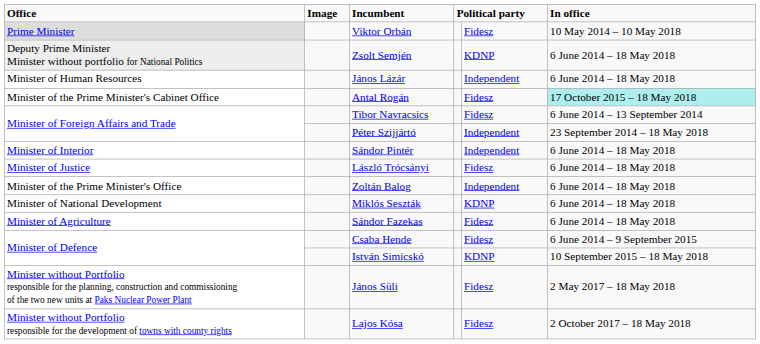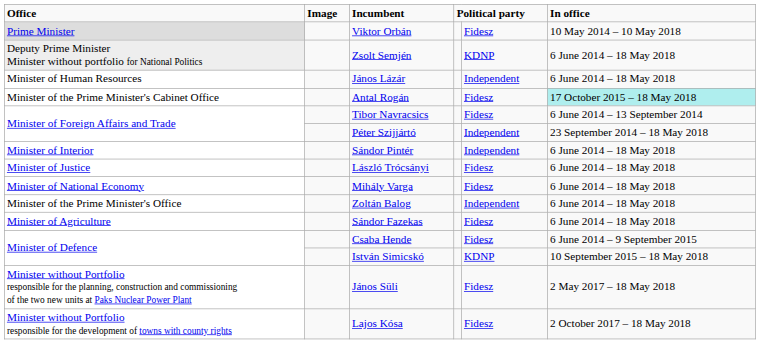 <table class="wikitable" style="width:85%">
 <tr>
 <td><strong>Office</strong></td>
 <td><strong>Image</strong></td>
 <td><strong>Incumbent</strong></td>
 <td colspan="2"><strong>Political party</strong></td>
 <td><strong>In office</strong></td>
 </tr>
 <tr>
 <td bgcolor="#DDDDDD"><a href='#'>Prime Minister</a></td>
 <td></td>
 <td><a href='#'>Viktor Orbán</a></td>
 <td style="color:inherit;background-color: "></td>
 <td><a href='#'>Fidesz</a></td>
 <td>10 May 2014 – 10 May 2018</td>
 </tr>
 <tr>
 <td bgcolor="#EEEEEE">Deputy Prime Minister<br>Minister without portfolio <small>for National Politics</small></td>
 <td></td>
 <td><a href='#'>Zsolt Semjén</a></td>
 <td style="color:inherit;background-color: "></td>
 <td><a href='#'>KDNP</a></td>
 <td>6 June 2014 – 18 May 2018</td>
 </tr>
 <tr>
 <td bgcolor="#FFFFFF">Minister of Human Resources</td>
 <td></td>
 <td><a href='#'>János Lázár</a></td>
 <td style="color:inherit;background-color: "></td>
 <td><a href='#'>Independent</a></td>
 <td>6 June 2014 – 18 May 2018</td>
 </tr>
 <tr>
 <td bgcolor="#FFFFFF">Minister of the Prime Minister's Cabinet Office</td>
 <td></td>
 <td><a href='#'>Antal Rogán</a></td>
 <td style="color:inherit;background-color: "></td>
 <td><a href='#'>Fidesz</a></td>
 <td style="background: paleturquoise;">17 October 2015 – 18 May 2018</td>
 </tr>
 <tr>
 <td rowspan="2" bgcolor="#FFFFFF"><a href='#'>Minister of Foreign Affairs and Trade</a></td>
 <td></td>
 <td><a href='#'>Tibor Navracsics</a></td>
 <td style="color:inherit;background-color: "></td>
 <td><a href='#'>Fidesz</a></td>
 <td>6 June 2014 – 13 September 2014</td>
 </tr>
 <tr>
 <td></td>
 <td><a href='#'>Péter Szijjártó</a></td>
 <td style="color:inherit;background-color: "></td>
 <td><a href='#'>Independent</a></td>
 <td>23 September 2014 – 18 May 2018</td>
 </tr>
 <tr>
 <td bgcolor="#FFFFFF"><a href='#'>Minister of Interior</a></td>
 <td></td>
 <td><a href='#'>Sándor Pintér</a></td>
 <td style="color:inherit;background-color: "></td>
 <td><a href='#'>Independent</a></td>
 <td>6 June 2014 – 18 May 2018</td>
 </tr>
 <tr>
 <td bgcolor="#FFFFFF"><a href='#'>Minister of Justice</a></td>
 <td></td>
 <td><a href='#'>László Trócsányi</a></td>
 <td style="color:inherit;background-color: "></td>
 <td><a href='#'>Fidesz</a></td>
 <td>6 June 2014 – 18 May 2018</td>
 </tr>
 <tr>
+<td bgcolor="#FFFFFF"><a href='#'>Minister of National Economy</a></td>
+<td></td>
+<td><a href='#'>Mihály Varga</a></td>
+<td style="color:inherit;background-color: "></td>
+<td><a href='#'>Fidesz</a></td>
+<td>6 June 2014 – 18 May 2018</td>
+</tr>
+<tr>
 <td bgcolor="#FFFFFF">Minister of the Prime Minister's Office</td>
 <td></td>
 <td><a href='#'>Zoltán Balog</a></td>
 <td style="color:inherit;background-color: "></td>
 <td><a href='#'>Independent</a></td>
-<td>6 June 2014 – 18 May 2018</td>
-</tr>
-<tr>
-<td bgcolor="#FFFFFF">Minister of National Development</td>
-<td></td>
-<td><a href='#'>Miklós Seszták</a></td>
-<td style="color:inherit;background-color: "></td>
-<td><a href='#'>KDNP</a></td>
 <td>6 June 2014 – 18 May 2018</td>
 </tr>
 <tr>
 <td bgcolor="#FFFFFF"><a href='#'>Minister of Agriculture</a></td>
 <td></td>
 <td><a href='#'>Sándor Fazekas</a></td>
 <td style="color:inherit;background-color: "></td>
 <td><a href='#'>Fidesz</a></td>
 <td>6 June 2014 – 18 May 2018</td>
 </tr>
 <tr>
 <td rowspan="2" bgcolor="#FFFFFF"><a href='#'>Minister of Defence</a></td>
 <td></td>
 <td><a href='#'>Csaba Hende</a></td>
 <td style="color:inherit;background-color: "></td>
 <td><a href='#'>Fidesz</a></td>
 <td>6 June 2014 – 9 September 2015</td>
 </tr>
 <tr>
 <td></td>
 <td><a href='#'>István Simicskó</a></td>
 <td style="color:inherit;background-color: "></td>
 <td><a href='#'>KDNP</a></td>
 <td>10 September 2015 – 18 May 2018</td>
 </tr>
 <tr>
 <td bgcolor="#FFFFFF"><a href='#'>Minister without Portfolio</a><br><small>responsible for the planning, construction and commissioning<br> of the two new units at <a href='#'>Paks Nuclear Power Plant</a></small></td>
 <td></td>
 <td><a href='#'>János Süli</a></td>
 <td style="color:inherit;background-color: "></td>
 <td><a href='#'>Fidesz</a></td>
 <td>2 May 2017 – 18 May 2018</td>
 </tr>
 <tr>
 <td bgcolor="#FFFFFF"><a href='#'>Minister without Portfolio</a><br><small>responsible for the development of <a href='#'>towns with county rights</a></small></td>
 <td></td>
 <td><a href='#'>Lajos Kósa</a></td>
 <td style="color:inherit;background-color: "></td>
 <td><a href='#'>Fidesz</a></td>
 <td>2 October 2017 – 18 May 2018</td>
 </tr>
 </table>
